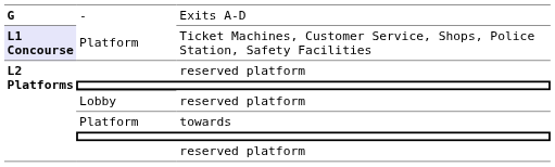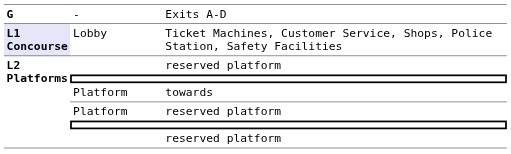 <table border=0 cellspacing=0 cellpadding=3>
 <tr>
 <td style="border-top:solid 1px gray;" width=50 valign=top><strong>G</strong></td>
 <td style="border-top:solid 1px gray;" width=100 valign=top>-</td>
 <td style="border-top:solid 1px gray;" width=390 valign=top>Exits A-D</td>
 </tr>
 <tr>
 <td style="background: lavender; border-bottom:solid 1px gray; border-top:solid 1px gray;" valign=top><strong>L1<br>Concourse</strong></td>
-<td style="border-bottom:solid 1px gray;">Platform </td>
+<td style="border-bottom:solid 1px gray; border-top:solid 1px gray;" valign=top>Lobby</td>
 <td style="border-bottom:solid 1px gray; border-top:solid 1px gray;" valign=top>Ticket Machines, Customer Service, Shops, Police Station, Safety Facilities</td>
 </tr>
 <tr>
 <td style="border-bottom:solid 1px gray;" rowspan=6 valign=top><strong>L2<br>Platforms</strong></td>
 <td></td>
 <td> reserved platform</td>
 </tr>
 <tr>
 <td style="border-right:solid 2px black;border-left:solid 2px black;border-top:solid 2px black;border-bottom:solid 2px black;text-align:center;" colspan=2></td>
 </tr>
 <tr>
-<td style="border-bottom:solid 1px gray; border-top:solid 1px gray;" valign=top>Lobby</td>
-<td style="border-bottom:solid 1px gray;"> reserved platform</td>
+<td style="border-bottom:solid 1px gray;">Platform </td>
+<td style="border-bottom:solid 1px gray;">  towards  </td>
 </tr>
 <tr>
 <td>Platform </td>
-<td> towards   </td>
+<td> reserved platform</td>
 </tr>
 <tr>
 <td style="border-right:solid 2px black;border-left:solid 2px black;border-top:solid 2px black;border-bottom:solid 2px black;text-align:center;" colspan=2></td>
 </tr>
 <tr>
 <td style="border-bottom:solid 1px gray;"></td>
 <td style="border-bottom:solid 1px gray;"> reserved platform</td>
 </tr>
 </table>
